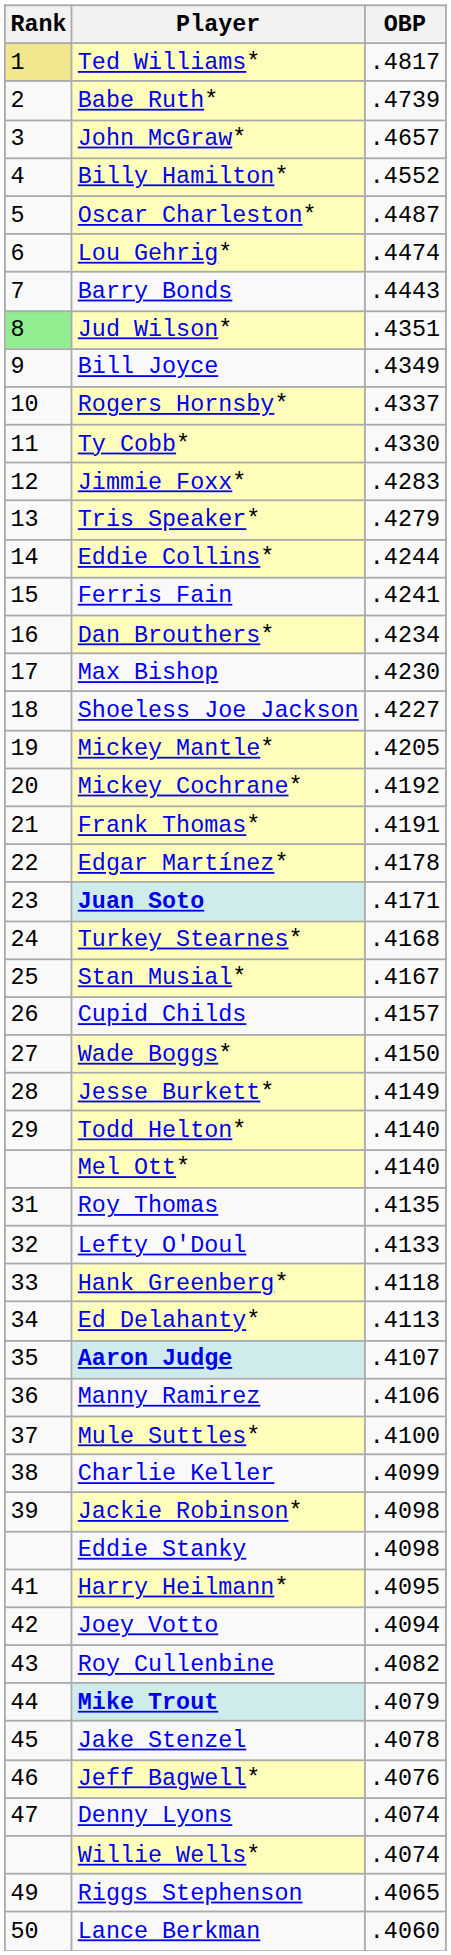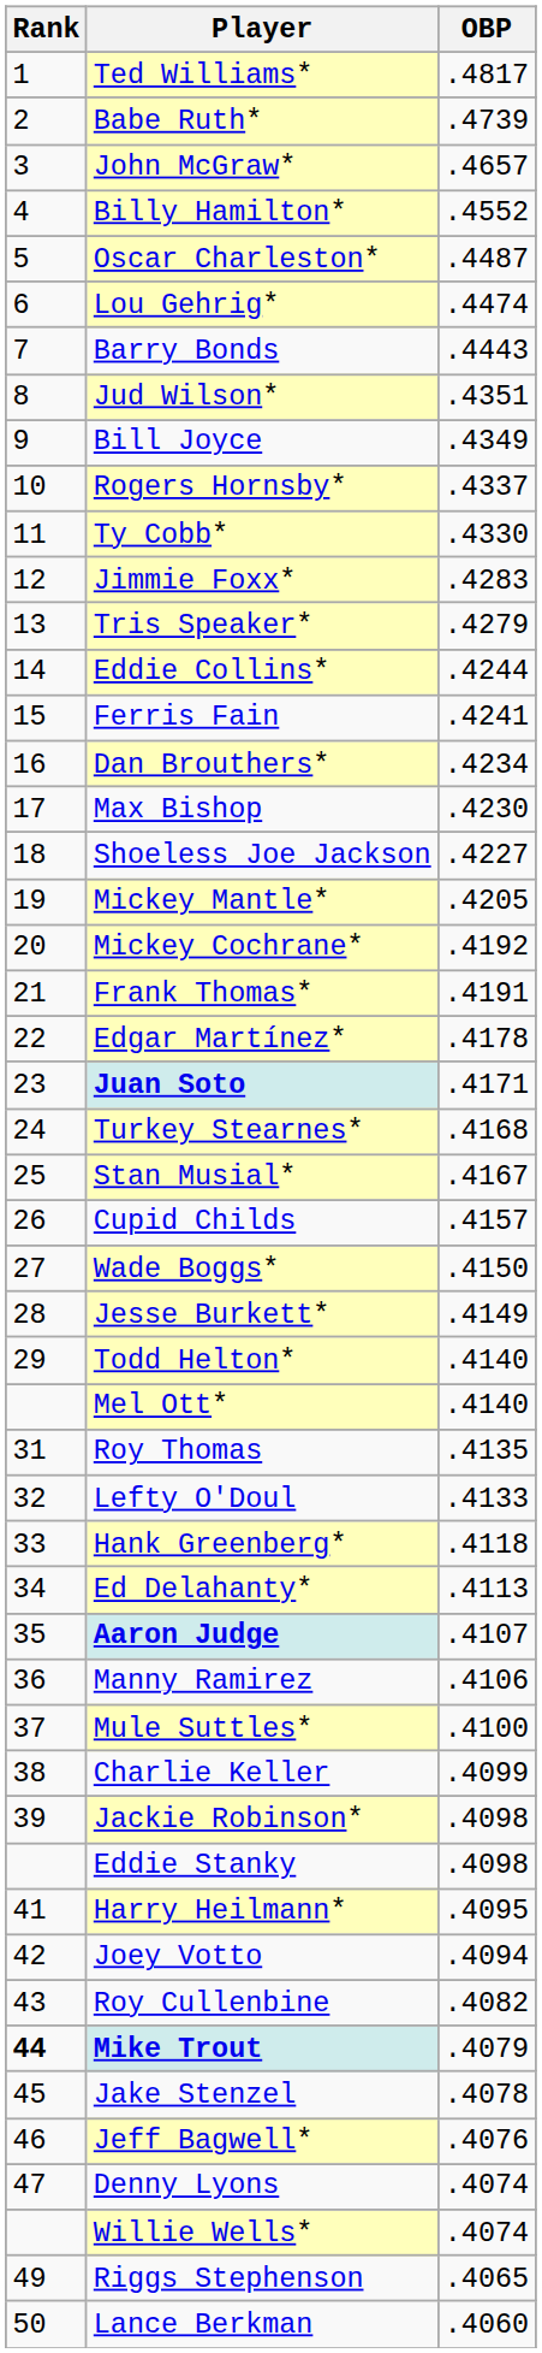 <table class="wikitable" style="float:left;">
 <tr style="white-space:nowrap;">
 <th>Rank</th>
 <th>Player</th>
 <th>OBP</th>
 </tr>
 <tr>
-<td style="background: khaki;">1</td>
+<td>1</td>
 <td style="background:#ffffbb;"><a href='#'>Ted Williams</a>*</td>
 <td>.4817</td>
 </tr>
 <tr>
 <td>2</td>
 <td style="background:#ffffbb;"><a href='#'>Babe Ruth</a>*</td>
 <td>.4739</td>
 </tr>
 <tr>
 <td>3</td>
 <td style="background:#ffffbb;"><a href='#'>John McGraw</a>*</td>
 <td>.4657</td>
 </tr>
 <tr>
 <td>4</td>
 <td style="background:#ffffbb;"><a href='#'>Billy Hamilton</a>*</td>
 <td>.4552</td>
 </tr>
 <tr>
 <td>5</td>
 <td style="background:#ffffbb;"><a href='#'>Oscar Charleston</a>*</td>
 <td>.4487</td>
 </tr>
 <tr>
 <td>6</td>
 <td style="background:#ffffbb;"><a href='#'>Lou Gehrig</a>*</td>
 <td>.4474</td>
 </tr>
 <tr>
 <td>7</td>
 <td><a href='#'>Barry Bonds</a></td>
 <td>.4443</td>
 </tr>
 <tr>
-<td style="background: lightgreen;">8</td>
+<td>8</td>
 <td style="background:#ffffbb;"><a href='#'>Jud Wilson</a>*</td>
 <td>.4351</td>
 </tr>
 <tr>
 <td>9</td>
 <td><a href='#'>Bill Joyce</a></td>
 <td>.4349</td>
 </tr>
 <tr>
 <td>10</td>
 <td style="background:#ffffbb;"><a href='#'>Rogers Hornsby</a>*</td>
 <td>.4337</td>
 </tr>
 <tr>
 <td>11</td>
 <td style="background:#ffffbb;"><a href='#'>Ty Cobb</a>*</td>
 <td>.4330</td>
 </tr>
 <tr>
 <td>12</td>
 <td style="background:#ffffbb;"><a href='#'>Jimmie Foxx</a>*</td>
 <td>.4283</td>
 </tr>
 <tr>
 <td>13</td>
 <td style="background:#ffffbb;"><a href='#'>Tris Speaker</a>*</td>
 <td>.4279</td>
 </tr>
 <tr>
 <td>14</td>
 <td style="background:#ffffbb;"><a href='#'>Eddie Collins</a>*</td>
 <td>.4244</td>
 </tr>
 <tr>
 <td>15</td>
 <td><a href='#'>Ferris Fain</a></td>
 <td>.4241</td>
 </tr>
 <tr>
 <td>16</td>
 <td style="background:#ffffbb;"><a href='#'>Dan Brouthers</a>*</td>
 <td>.4234</td>
 </tr>
 <tr>
 <td>17</td>
 <td><a href='#'>Max Bishop</a></td>
 <td>.4230</td>
 </tr>
 <tr>
 <td>18</td>
 <td><a href='#'>Shoeless Joe Jackson</a></td>
 <td>.4227</td>
 </tr>
 <tr>
 <td>19</td>
 <td style="background:#ffffbb;"><a href='#'>Mickey Mantle</a>*</td>
 <td>.4205</td>
 </tr>
 <tr>
 <td>20</td>
 <td style="background:#ffffbb;"><a href='#'>Mickey Cochrane</a>*</td>
 <td>.4192</td>
 </tr>
 <tr>
 <td>21</td>
 <td style="background:#ffffbb;"><a href='#'>Frank Thomas</a>*</td>
 <td>.4191</td>
 </tr>
 <tr>
 <td>22</td>
 <td style="background:#ffffbb;"><a href='#'>Edgar Martínez</a>*</td>
 <td>.4178</td>
 </tr>
 <tr>
 <td>23</td>
 <td style="background:#cfecec;"><strong><a href='#'>Juan Soto</a></strong></td>
 <td>.4171</td>
 </tr>
 <tr>
 <td>24</td>
 <td style="background:#ffffbb;"><a href='#'>Turkey Stearnes</a>*</td>
 <td>.4168</td>
 </tr>
 <tr>
 <td>25</td>
 <td style="background:#ffffbb;"><a href='#'>Stan Musial</a>*</td>
 <td>.4167</td>
 </tr>
 <tr>
 <td>26</td>
 <td><a href='#'>Cupid Childs</a></td>
 <td>.4157</td>
 </tr>
 <tr>
 <td>27</td>
 <td style="background:#ffffbb;"><a href='#'>Wade Boggs</a>*</td>
 <td>.4150</td>
 </tr>
 <tr>
 <td>28</td>
 <td style="background:#ffffbb;"><a href='#'>Jesse Burkett</a>*</td>
 <td>.4149</td>
 </tr>
 <tr>
 <td>29</td>
 <td style="background:#ffffbb;"><a href='#'>Todd Helton</a>*</td>
 <td>.4140</td>
 </tr>
 <tr>
 <td></td>
 <td style="background:#ffffbb;"><a href='#'>Mel Ott</a>*</td>
 <td>.4140</td>
 </tr>
 <tr>
 <td>31</td>
 <td><a href='#'>Roy Thomas</a></td>
 <td>.4135</td>
 </tr>
 <tr>
 <td>32</td>
 <td><a href='#'>Lefty O'Doul</a></td>
 <td>.4133</td>
 </tr>
 <tr>
 <td>33</td>
 <td style="background:#ffffbb;"><a href='#'>Hank Greenberg</a>*</td>
 <td>.4118</td>
 </tr>
 <tr>
 <td>34</td>
 <td style="background:#ffffbb;"><a href='#'>Ed Delahanty</a>*</td>
 <td>.4113</td>
 </tr>
 <tr>
 <td>35</td>
 <td style="background:#cfecec;"><strong><a href='#'>Aaron Judge</a></strong></td>
 <td>.4107</td>
 </tr>
 <tr>
 <td>36</td>
 <td><a href='#'>Manny Ramirez</a></td>
 <td>.4106</td>
 </tr>
 <tr>
 <td>37</td>
 <td style="background:#ffffbb;"><a href='#'>Mule Suttles</a>*</td>
 <td>.4100</td>
 </tr>
 <tr>
 <td>38</td>
 <td><a href='#'>Charlie Keller</a></td>
 <td>.4099</td>
 </tr>
 <tr>
 <td>39</td>
 <td style="background:#ffffbb;"><a href='#'>Jackie Robinson</a>*</td>
 <td>.4098</td>
 </tr>
 <tr>
 <td></td>
 <td><a href='#'>Eddie Stanky</a></td>
 <td>.4098</td>
 </tr>
 <tr>
 <td>41</td>
 <td style="background:#ffffbb;"><a href='#'>Harry Heilmann</a>*</td>
 <td>.4095</td>
 </tr>
 <tr>
 <td>42</td>
 <td><a href='#'>Joey Votto</a></td>
 <td>.4094</td>
 </tr>
 <tr>
 <td>43</td>
 <td><a href='#'>Roy Cullenbine</a></td>
 <td>.4082</td>
 </tr>
 <tr>
-<td>44</td>
+<td><strong>44</strong></td>
 <td style="background:#cfecec;"><strong><a href='#'>Mike Trout</a></strong></td>
 <td>.4079</td>
 </tr>
 <tr>
 <td>45</td>
 <td><a href='#'>Jake Stenzel</a></td>
 <td>.4078</td>
 </tr>
 <tr>
 <td>46</td>
 <td style="background:#ffffbb;"><a href='#'>Jeff Bagwell</a>*</td>
 <td>.4076</td>
 </tr>
 <tr>
 <td>47</td>
 <td><a href='#'>Denny Lyons</a></td>
 <td>.4074</td>
 </tr>
 <tr>
 <td></td>
 <td style="background:#ffffbb;"><a href='#'>Willie Wells</a>*</td>
 <td>.4074</td>
 </tr>
 <tr>
 <td>49</td>
 <td><a href='#'>Riggs Stephenson</a></td>
 <td>.4065</td>
 </tr>
 <tr>
 <td>50</td>
 <td><a href='#'>Lance Berkman</a></td>
 <td>.4060</td>
 </tr>
 </table>
